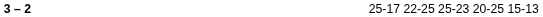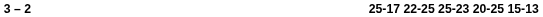 <table style="width:100%;" cellspacing="1">
 <tr>
 <th width=20%></th>
 <th width=12%></th>
 <th width=20%></th>
 <th width=33%></th>
 <td></td>
 </tr>
 <tr style=font-size:90%>
 <td align=right><strong></strong></td>
 <td align=center><strong>3 – 2</strong></td>
 <td></td>
-<td>25-17 22-25 25-23 20-25 15-13</td>
+<td><strong>25-17 22-25 25-23 20-25 15-13</strong></td>
 </tr>
 </table>
